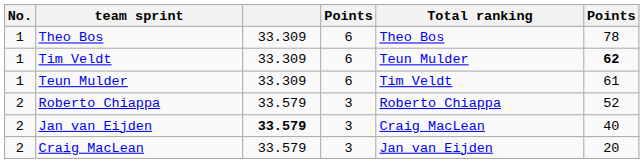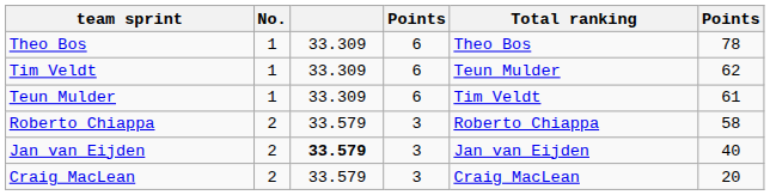 <table class="wikitable">
 <tr>
+<th width="200px">team sprint</th>
 <th width="20px">No.</th>
-<th width="200px">team sprint</th>
 <th width="70px"></th>
 <th width="40px">Points</th>
 <th width="200px">Total ranking</th>
 <th width="40px">Points</th>
 </tr>
 <tr align=center>
+<td align=left> <a href='#'>Theo Bos</a></td>
 <td>1</td>
-<td align=left> <a href='#'>Theo Bos</a></td>
 <td>33.309</td>
 <td>6</td>
 <td align=left> <a href='#'>Theo Bos</a></td>
 <td>78</td>
 </tr>
 <tr align=center>
+<td align=left> <a href='#'>Tim Veldt</a></td>
 <td>1</td>
-<td align=left> <a href='#'>Tim Veldt</a></td>
 <td>33.309</td>
 <td>6</td>
 <td align=left> <a href='#'>Teun Mulder</a></td>
-<td><strong>62</strong></td>
+<td>62</td>
 </tr>
 <tr align=center>
+<td align=left> <a href='#'>Teun Mulder</a></td>
 <td>1</td>
-<td align=left> <a href='#'>Teun Mulder</a></td>
 <td>33.309</td>
 <td>6</td>
 <td align=left> <a href='#'>Tim Veldt</a></td>
 <td>61</td>
 </tr>
 <tr align=center>
+<td align=left> <a href='#'>Roberto Chiappa</a></td>
 <td>2</td>
-<td align=left> <a href='#'>Roberto Chiappa</a></td>
 <td>33.579</td>
 <td>3</td>
 <td align=left> <a href='#'>Roberto Chiappa</a></td>
-<td>52</td>
+<td>58</td>
 </tr>
 <tr align=center>
+<td align=left> <a href='#'>Jan van Eijden</a></td>
 <td>2</td>
-<td align=left> <a href='#'>Jan van Eijden</a></td>
 <td><strong>33.579</strong></td>
 <td>3</td>
-<td align=left> <a href='#'>Craig MacLean</a></td>
+<td align=left> <a href='#'>Jan van Eijden</a></td>
 <td>40</td>
 </tr>
 <tr align=center>
+<td align=left> <a href='#'>Craig MacLean</a></td>
 <td>2</td>
-<td align=left> <a href='#'>Craig MacLean</a></td>
 <td>33.579</td>
 <td>3</td>
-<td align=left> <a href='#'>Jan van Eijden</a></td>
+<td align=left> <a href='#'>Craig MacLean</a></td>
 <td>20</td>
 </tr>
 </table>
